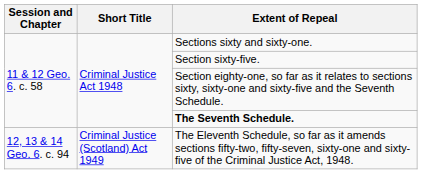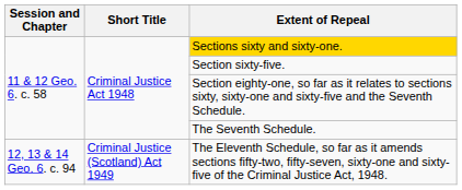 <table class="wikitable">
 <tr>
 <th>Session and Chapter</th>
 <th>Short Title</th>
 <th>Extent of Repeal</th>
 </tr>
 <tr>
 <td rowspan="4"><a href='#'>11 & 12 Geo. 6</a>. c. 58</td>
 <td rowspan="4"><a href='#'>Criminal Justice Act 1948</a></td>
-<td>Sections sixty and sixty-one.</td>
+<td style="background: gold;">Sections sixty and sixty-one.</td>
 </tr>
 <tr>
 <td>Section sixty-five.</td>
 </tr>
 <tr>
 <td>Section eighty-one, so far as it relates to sections sixty, sixty-one and sixty-five and the Seventh Schedule.</td>
 </tr>
 <tr>
-<td><strong>The Seventh Schedule.</strong></td>
+<td>The Seventh Schedule.</td>
 </tr>
 <tr>
 <td><a href='#'>12, 13 & 14 Geo. 6</a>. c. 94</td>
 <td><a href='#'>Criminal Justice (Scotland) Act 1949</a></td>
 <td>The Eleventh Schedule, so far as it amends sections fifty-two, fifty-seven, sixty-one and sixty-five of the Criminal Justice Act, 1948.</td>
 </tr>
 </table>
